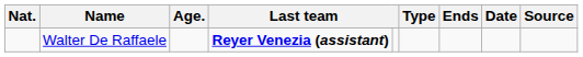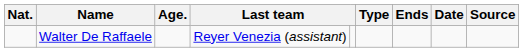 <table class="wikitable sortable">
 <tr>
 <th>Nat.</th>
 <th>Name</th>
 <th>Age.</th>
 <th colspan=2>Last team</th>
 <th>Type</th>
 <th>Ends</th>
 <th>Date</th>
 <th>Source</th>
 </tr>
 <tr>
 <td></td>
 <td><a href='#'>Walter De Raffaele</a></td>
 <td></td>
-<td><strong><a href='#'>Reyer Venezia</a> (<em>assistant</em>)</strong></td>
+<td><a href='#'>Reyer Venezia</a> (<em>assistant</em>)</td>
 <td></td>
 <td></td>
 <td></td>
 <td></td>
 <td></td>
 </tr>
 </table>
